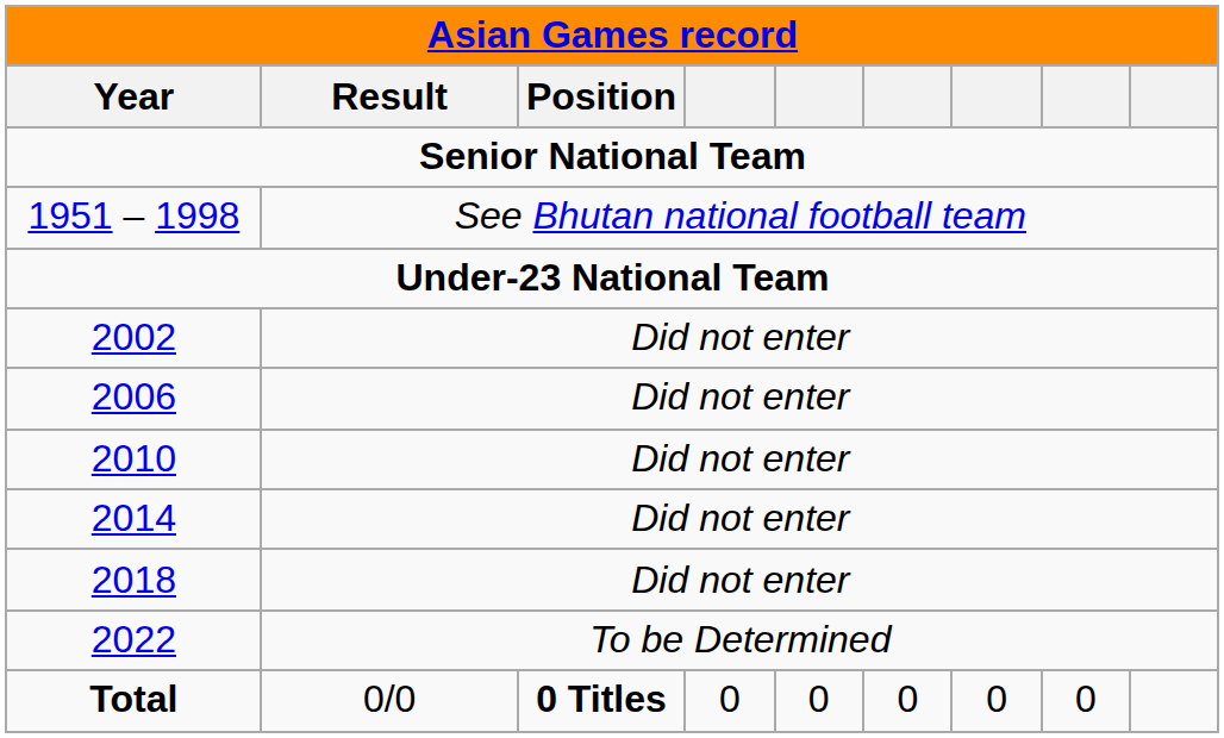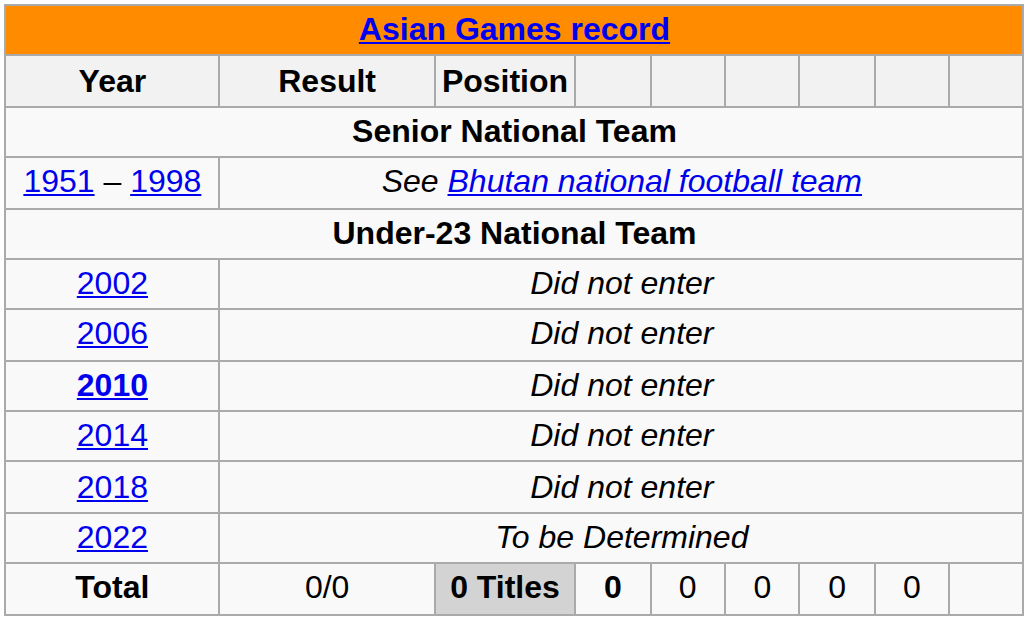 <table class="wikitable collapsible" style="text-align: center;">
 <tr>
 <th colspan=9 style="background: #FF8C00; color: #0000FF;"><a href='#'>Asian Games record</a></th>
 </tr>
 <tr>
 <th style="width:100px;">Year</th>
 <th style="width:100px;">Result</th>
 <th style="width:60px;">Position</th>
 <th style="width:30px;"></th>
 <th style="width:30px;"></th>
 <th style="width:30px;"></th>
 <th style="width:30px;"></th>
 <th style="width:30px;"></th>
 <th style="width:30px;"></th>
 </tr>
 <tr>
 <td colspan=9><strong>Senior National Team</strong></td>
 </tr>
 <tr>
 <td><a href='#'>1951</a> – <a href='#'>1998</a></td>
 <td colspan=8><em>See <a href='#'>Bhutan national football team</a></em></td>
 </tr>
 <tr>
 <td colspan=9><strong>Under-23 National Team</strong></td>
 </tr>
 <tr>
 <td> <a href='#'>2002</a></td>
 <td colspan=8><em>Did not enter</em></td>
 </tr>
 <tr>
 <td> <a href='#'>2006</a></td>
 <td colspan=8><em>Did not enter</em></td>
 </tr>
 <tr>
-<td> <a href='#'>2010</a></td>
+<td><strong> <a href='#'>2010</a></strong></td>
 <td colspan=8><em>Did not enter</em></td>
 </tr>
 <tr>
 <td> <a href='#'>2014</a></td>
 <td colspan=8><em>Did not enter</em></td>
 </tr>
 <tr>
 <td> <a href='#'>2018</a></td>
 <td colspan=8><em>Did not enter</em></td>
 </tr>
 <tr>
 <td> <a href='#'>2022</a></td>
 <td colspan=8><em>To be Determined</em></td>
 </tr>
 <tr>
 <td><strong>Total</strong></td>
 <td>0/0</td>
-<td><strong>0 Titles</strong></td>
-<td>0</td>
+<td style="background: lightgrey;"><strong>0 Titles</strong></td>
+<td><strong>0</strong></td>
 <td>0</td>
 <td>0</td>
 <td>0</td>
 <td>0</td>
 <td 0></td>
 </tr>
 </table>
